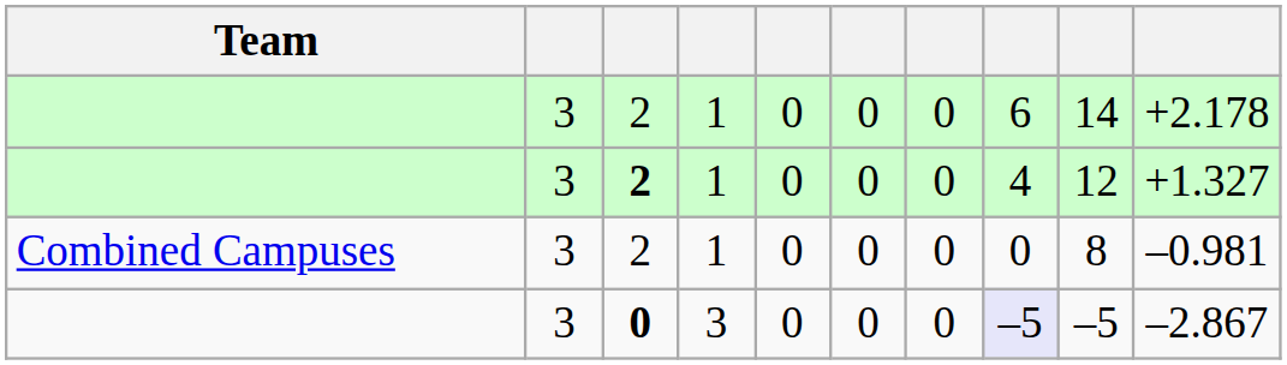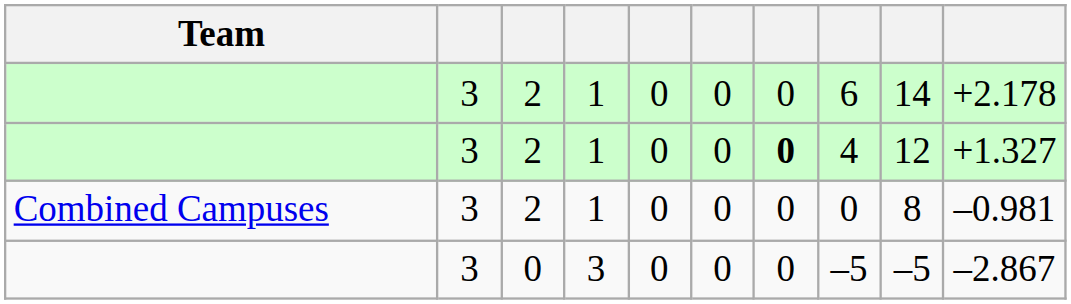 <table class="wikitable" style="text-align:center">
 <tr>
 <th width=180>Team</th>
 <th width=20></th>
 <th width=20></th>
 <th width=20></th>
 <th width=20></th>
 <th width=20></th>
 <th width=20></th>
 <th width=20></th>
 <th width=20></th>
 <th width=45></th>
 </tr>
 <tr style="background:#cfc">
 <td align="left"></td>
 <td>3</td>
 <td>2</td>
 <td>1</td>
 <td>0</td>
 <td>0</td>
 <td>0</td>
 <td>6</td>
 <td>14</td>
 <td>+2.178</td>
 </tr>
 <tr style="background:#cfc">
 <td align="left"></td>
 <td>3</td>
-<td><strong>2</strong></td>
+<td>2</td>
 <td>1</td>
 <td>0</td>
 <td>0</td>
-<td>0</td>
+<td><strong>0</strong></td>
 <td>4</td>
 <td>12</td>
 <td>+1.327</td>
 </tr>
 <tr>
 <td align="left"> <a href='#'>Combined Campuses</a></td>
 <td>3</td>
 <td>2</td>
 <td>1</td>
 <td>0</td>
 <td>0</td>
 <td>0</td>
 <td>0</td>
 <td>8</td>
 <td>–0.981</td>
 </tr>
 <tr>
 <td align="left"></td>
 <td>3</td>
-<td><strong>0</strong></td>
+<td>0</td>
 <td>3</td>
 <td>0</td>
 <td>0</td>
 <td>0</td>
-<td style="background: lavender;">–5</td>
+<td>–5</td>
 <td>–5</td>
 <td>–2.867</td>
 </tr>
 </table>
